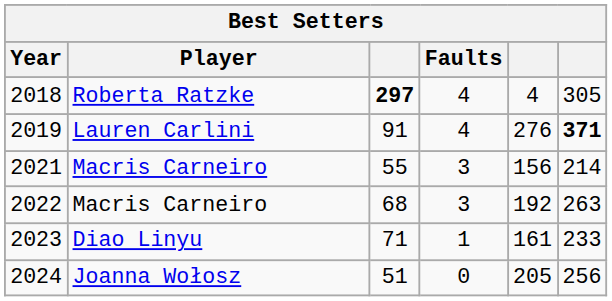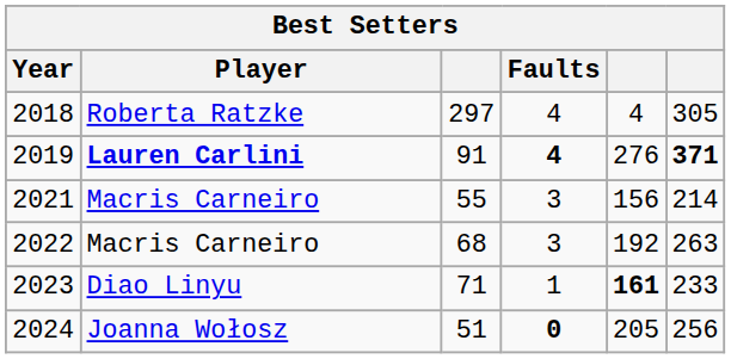 <table class="wikitable sortable" style=font-size:90%>
 <tr>
 <th colspan=7>Best Setters</th>
 </tr>
 <tr>
 <th width=20>Year</th>
 <th width=158>Player</th>
 <th width=20></th>
 <th width=20>Faults</th>
 <th width=20></th>
 <th width=20></th>
 </tr>
 <tr>
 <td>2018</td>
 <td> <a href='#'>Roberta Ratzke</a></td>
-<td align=center><strong>297</strong></td>
+<td align=center>297</td>
 <td align=center>4</td>
 <td align=center>4</td>
 <td align=center>305</td>
 </tr>
 <tr>
 <td>2019</td>
-<td> <a href='#'>Lauren Carlini</a></td>
+<td><strong> <a href='#'>Lauren Carlini</a></strong></td>
 <td align=center>91</td>
-<td align=center>4</td>
+<td align=center><strong>4</strong></td>
 <td align=center>276</td>
 <td align=center><strong>371</strong></td>
 </tr>
 <tr>
 <td>2021</td>
 <td> <a href='#'>Macris Carneiro</a></td>
 <td align=center>55</td>
 <td align=center>3</td>
 <td align=center>156</td>
 <td align=center>214</td>
 </tr>
 <tr>
 <td>2022</td>
 <td> Macris Carneiro</td>
 <td align=center>68</td>
 <td align=center>3</td>
 <td align=center>192</td>
 <td align=center>263</td>
 </tr>
 <tr>
 <td>2023</td>
 <td> <a href='#'>Diao Linyu</a></td>
 <td align=center>71</td>
 <td align=center>1</td>
-<td align=center>161</td>
+<td align=center><strong>161</strong></td>
 <td align=center>233</td>
 </tr>
 <tr>
 <td>2024</td>
 <td> <a href='#'>Joanna Wołosz</a></td>
 <td align=center>51</td>
-<td align=center>0</td>
+<td align=center><strong>0</strong></td>
 <td align=center>205</td>
 <td align=center>256</td>
 </tr>
 </table>
